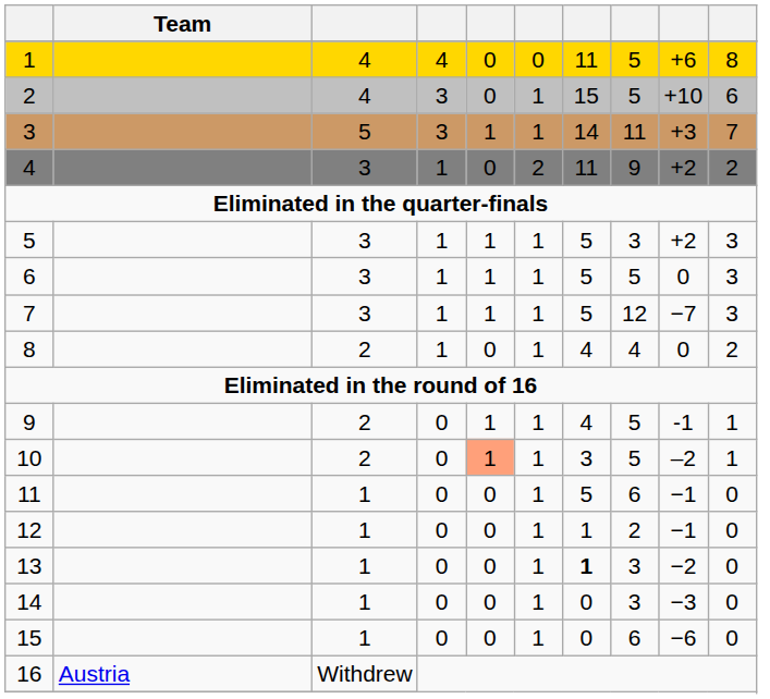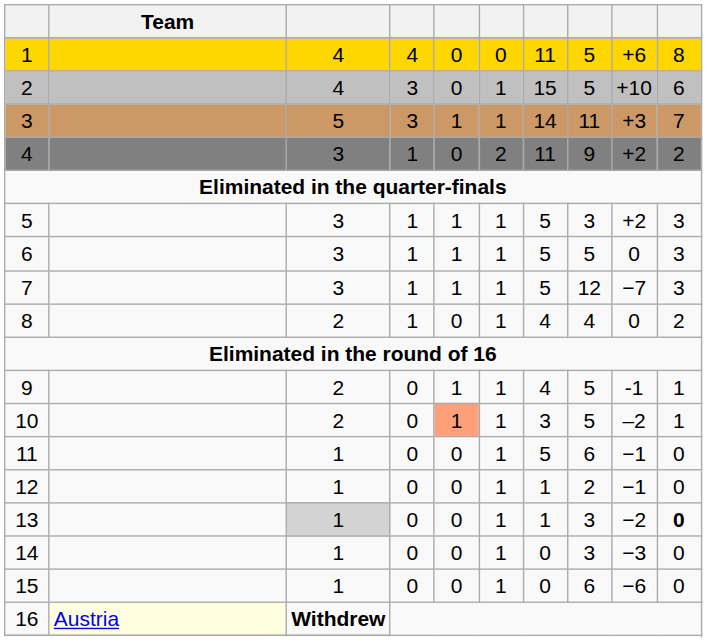 <table class="wikitable" style="font-size: 95%; text-align: center;">
 <tr>
 <th width=25></th>
 <th width=165>Team</th>
 <th width=25></th>
 <th width=25></th>
 <th width=25></th>
 <th width=25></th>
 <th width=25></th>
 <th width=25></th>
 <th width=25></th>
 <th width=25></th>
 </tr>
 <tr>
 </tr>
 <tr style="background:gold">
 <td>1</td>
 <td style="text-align:left"></td>
 <td>4</td>
 <td>4</td>
 <td>0</td>
 <td>0</td>
 <td>11</td>
 <td>5</td>
 <td>+6</td>
 <td>8</td>
 </tr>
 <tr style="background:silver">
 <td>2</td>
 <td style="text-align:left"></td>
 <td>4</td>
 <td>3</td>
 <td>0</td>
 <td>1</td>
 <td>15</td>
 <td>5</td>
 <td>+10</td>
 <td>6</td>
 </tr>
 <tr style="background:#c96">
 <td>3</td>
 <td style="text-align:left"></td>
 <td>5</td>
 <td>3</td>
 <td>1</td>
 <td>1</td>
 <td>14</td>
 <td>11</td>
 <td>+3</td>
 <td>7</td>
 </tr>
 <tr style="background:gray">
 <td>4</td>
 <td style="text-align:left"></td>
 <td>3</td>
 <td>1</td>
 <td>0</td>
 <td>2</td>
 <td>11</td>
 <td>9</td>
 <td>+2</td>
 <td>2</td>
 </tr>
 <tr>
 <td colspan="11"><strong>Eliminated in the quarter-finals</strong></td>
 </tr>
 <tr>
 <td>5</td>
 <td style="text-align:left"></td>
 <td>3</td>
 <td>1</td>
 <td>1</td>
 <td>1</td>
 <td>5</td>
 <td>3</td>
 <td>+2</td>
 <td>3</td>
 </tr>
 <tr>
 <td>6</td>
 <td style="text-align:left"></td>
 <td>3</td>
 <td>1</td>
 <td>1</td>
 <td>1</td>
 <td>5</td>
 <td>5</td>
 <td>0</td>
 <td>3</td>
 </tr>
 <tr>
 <td>7</td>
 <td style="text-align:left"></td>
 <td>3</td>
 <td>1</td>
 <td>1</td>
 <td>1</td>
 <td>5</td>
 <td>12</td>
 <td>−7</td>
 <td>3</td>
 </tr>
 <tr>
 <td>8</td>
 <td style="text-align:left"></td>
 <td>2</td>
 <td>1</td>
 <td>0</td>
 <td>1</td>
 <td>4</td>
 <td>4</td>
 <td>0</td>
 <td>2</td>
 </tr>
 <tr>
 <td colspan="11"><strong>Eliminated in the round of 16</strong></td>
 </tr>
 <tr>
 <td>9</td>
 <td style="text-align:left"></td>
 <td>2</td>
 <td>0</td>
 <td>1</td>
 <td>1</td>
 <td>4</td>
 <td>5</td>
 <td>-1</td>
 <td>1</td>
 </tr>
 <tr>
 <td>10</td>
 <td style="text-align:left"></td>
 <td>2</td>
 <td>0</td>
 <td style="background: lightsalmon;">1</td>
 <td>1</td>
 <td>3</td>
 <td>5</td>
 <td>–2</td>
 <td>1</td>
 </tr>
 <tr>
 <td>11</td>
 <td style="text-align:left"></td>
 <td>1</td>
 <td>0</td>
 <td>0</td>
 <td>1</td>
 <td>5</td>
 <td>6</td>
 <td>−1</td>
 <td>0</td>
 </tr>
 <tr>
 <td>12</td>
 <td style="text-align:left"></td>
 <td>1</td>
 <td>0</td>
 <td>0</td>
 <td>1</td>
 <td>1</td>
 <td>2</td>
 <td>−1</td>
 <td>0</td>
 </tr>
 <tr>
 <td>13</td>
 <td style="text-align:left"></td>
-<td>1</td>
+<td style="background: lightgrey;">1</td>
 <td>0</td>
 <td>0</td>
 <td>1</td>
-<td><strong>1</strong></td>
+<td>1</td>
 <td>3</td>
 <td>−2</td>
-<td>0</td>
+<td><strong>0</strong></td>
 </tr>
 <tr>
 <td>14</td>
 <td style="text-align:left"></td>
 <td>1</td>
 <td>0</td>
 <td>0</td>
 <td>1</td>
 <td>0</td>
 <td>3</td>
 <td>−3</td>
 <td>0</td>
 </tr>
 <tr>
 <td>15</td>
 <td style="text-align:left"></td>
 <td>1</td>
 <td>0</td>
 <td>0</td>
 <td>1</td>
 <td>0</td>
 <td>6</td>
 <td>−6</td>
 <td>0</td>
 </tr>
 <tr>
 <td>16</td>
-<td style="text-align:left"> <a href='#'>Austria</a></td>
-<td>Withdrew</td>
+<td style="background: lightyellow; text-align:left"> <a href='#'>Austria</a></td>
+<td><strong>Withdrew</strong></td>
 </tr>
 <tr>
 </tr>
 </table>
